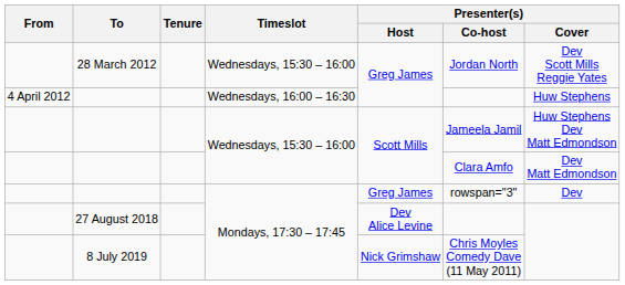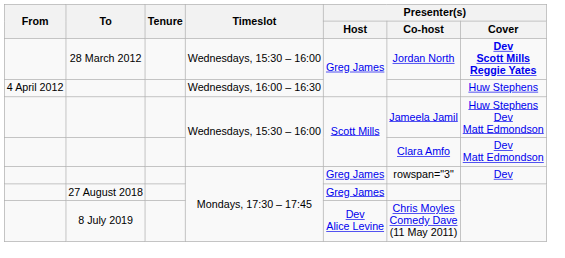 <table class="wikitable" style="text-align:center;">
 <tr>
 <th rowspan="2">From</th>
 <th rowspan="2">To</th>
 <th rowspan="2">Tenure</th>
 <th rowspan="2">Timeslot</th>
 <th colspan="3">Presenter(s)</th>
 </tr>
 <tr>
 <th>Host</th>
 <th>Co-host</th>
 <th>Cover</th>
 </tr>
 <tr>
 <td></td>
 <td>28 March 2012</td>
 <td></td>
 <td>Wednesdays, 15:30 – 16:00</td>
 <td rowspan="2"><a href='#'>Greg James</a></td>
 <td><a href='#'>Jordan North</a></td>
-<td><a href='#'>Dev</a><br><a href='#'>Scott Mills</a><br><a href='#'>Reggie Yates</a></td>
+<td><strong><a href='#'>Dev</a><br><a href='#'>Scott Mills</a><br><a href='#'>Reggie Yates</a></strong></td>
 </tr>
 <tr>
 <td>4 April 2012</td>
 <td></td>
 <td></td>
 <td>Wednesdays, 16:00 – 16:30</td>
 <td></td>
 <td><a href='#'>Huw Stephens</a></td>
 </tr>
 <tr>
 <td></td>
 <td></td>
 <td></td>
 <td rowspan="2">Wednesdays, 15:30 – 16:00</td>
 <td rowspan="2"><a href='#'>Scott Mills</a></td>
 <td><a href='#'>Jameela Jamil</a></td>
 <td><a href='#'>Huw Stephens</a><br><a href='#'>Dev</a><br><a href='#'>Matt Edmondson</a></td>
 </tr>
 <tr>
 <td></td>
 <td></td>
 <td></td>
 <td><a href='#'>Clara Amfo</a></td>
 <td><a href='#'>Dev</a><br><a href='#'>Matt Edmondson</a></td>
 </tr>
 <tr>
 <td></td>
 <td></td>
 <td></td>
 <td rowspan="3">Mondays, 17:30 – 17:45</td>
 <td><a href='#'>Greg James</a></td>
 <td>rowspan="3" </td>
 <td><a href='#'>Dev</a></td>
 </tr>
 <tr>
 <td></td>
 <td>27 August 2018</td>
 <td></td>
-<td><a href='#'>Dev</a><br><a href='#'>Alice Levine</a></td>
+<td><a href='#'>Greg James</a></td>
 <td></td>
 </tr>
 <tr>
 <td></td>
 <td>8 July 2019</td>
 <td></td>
-<td><a href='#'>Nick Grimshaw</a></td>
+<td><a href='#'>Dev</a><br><a href='#'>Alice Levine</a></td>
 <td><a href='#'>Chris Moyles</a><br><a href='#'>Comedy Dave</a><br>(11 May 2011)</td>
 </tr>
 </table>
